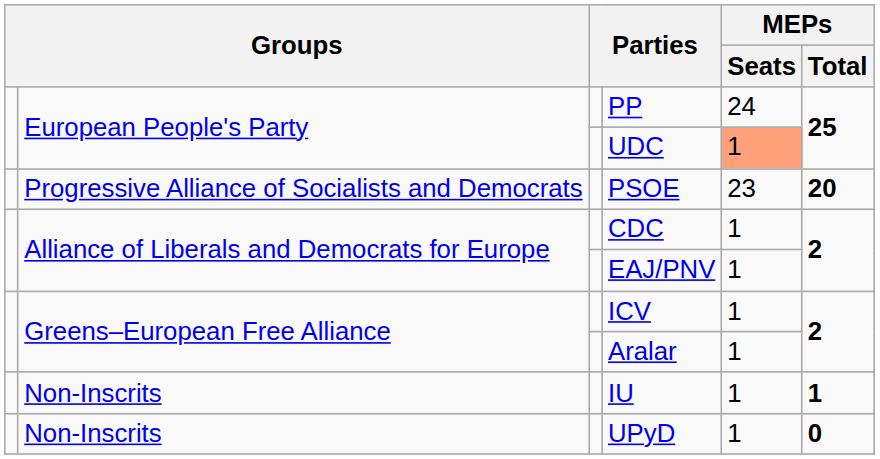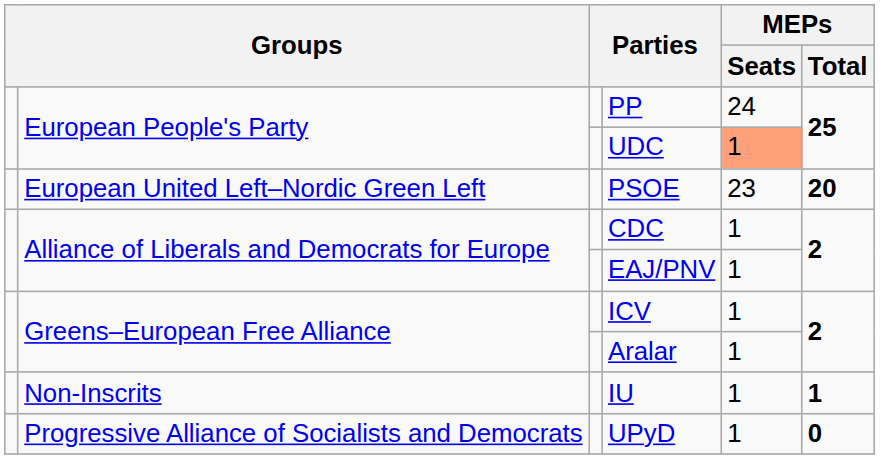 <table class="wikitable" style="text-align:left;">
 <tr>
 <th rowspan="2" colspan="2">Groups</th>
 <th rowspan="2" colspan="2">Parties</th>
 <th colspan="2">MEPs</th>
 </tr>
 <tr>
 <th>Seats</th>
 <th>Total</th>
 </tr>
 <tr>
 <td rowspan="2" width="1"></td>
 <td rowspan="2"><a href='#'>European People's Party</a></td>
 <td width="1" style="color:inherit;background:"></td>
 <td><a href='#'>PP</a></td>
 <td>24</td>
 <td rowspan="2"><strong>25</strong></td>
 </tr>
 <tr>
 <td style="color:inherit;background:"></td>
 <td><a href='#'>UDC</a></td>
 <td style="background: lightsalmon;">1</td>
 </tr>
 <tr>
 <td style="color:inherit;background:"></td>
-<td><a href='#'>Progressive Alliance of Socialists and Democrats</a></td>
+<td><a href='#'>European United Left–Nordic Green Left</a></td>
 <td style="color:inherit;background:"></td>
 <td><a href='#'>PSOE</a></td>
 <td>23</td>
 <td><strong>20</strong></td>
 </tr>
 <tr>
 <td rowspan="2" style="color:inherit;background:"></td>
 <td rowspan="2"><a href='#'>Alliance of Liberals and Democrats for Europe</a></td>
 <td style="color:inherit;background:"></td>
 <td><a href='#'>CDC</a></td>
 <td>1</td>
 <td rowspan="2"><strong>2</strong></td>
 </tr>
 <tr>
 <td style="color:inherit;background:"></td>
 <td><a href='#'>EAJ/PNV</a></td>
 <td>1</td>
 </tr>
 <tr>
 <td rowspan="2" style="color:inherit;background:"></td>
 <td rowspan="2"><a href='#'>Greens–European Free Alliance</a></td>
 <td style="color:inherit;background:"></td>
 <td><a href='#'>ICV</a></td>
 <td>1</td>
 <td rowspan="2"><strong>2</strong></td>
 </tr>
 <tr>
 <td style="color:inherit;background:"></td>
 <td><a href='#'>Aralar</a></td>
 <td>1</td>
 </tr>
 <tr>
 <td style="color:inherit;background:"></td>
 <td><a href='#'>Non-Inscrits</a></td>
 <td style="color:inherit;background:"></td>
 <td><a href='#'>IU</a></td>
 <td>1</td>
 <td><strong>1</strong></td>
 </tr>
 <tr>
 <td style="color:inherit;background:"></td>
-<td><a href='#'>Non-Inscrits</a></td>
+<td><a href='#'>Progressive Alliance of Socialists and Democrats</a></td>
 <td style="color:inherit;background:"></td>
 <td><a href='#'>UPyD</a></td>
 <td>1</td>
 <td><strong>0</strong></td>
 </tr>
 </table>
